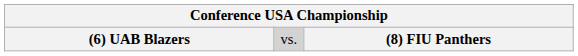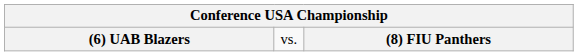 <table class="wikitable">
 <tr>
 <th style="width: 604px;" colspan=3>Conference USA Championship</th>
 </tr>
 <tr>
 <th style="width: 289px; ">(6) UAB Blazers</th>
-<td style="background: lightgrey; width: 25px; text-align:center">vs.</td>
+<td style="width: 25px; text-align:center">vs.</td>
 <th style="width: 289px; ">(8) FIU Panthers</th>
 </tr>
 </table>
